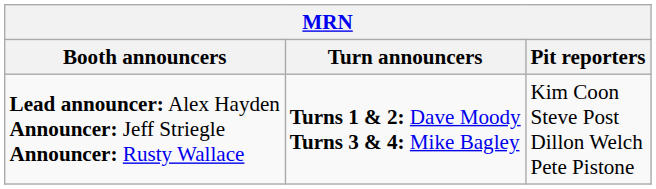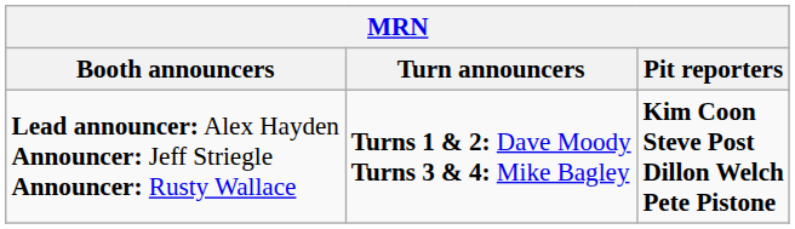 <table class="wikitable" style="font-size: 95%">
 <tr>
 <th colspan="3"><a href='#'>MRN</a></th>
 </tr>
 <tr>
 <th>Booth announcers</th>
 <th>Turn announcers</th>
 <th>Pit reporters</th>
 </tr>
 <tr>
 <td><strong>Lead announcer:</strong> Alex Hayden<br><strong>Announcer:</strong> Jeff Striegle<br><strong>Announcer:</strong> <a href='#'>Rusty Wallace</a></td>
 <td><strong>Turns 1 & 2: </strong><a href='#'>Dave Moody</a><br><strong>Turns 3 & 4: </strong><a href='#'>Mike Bagley</a></td>
-<td>Kim Coon<br>Steve Post<br>Dillon Welch<br>Pete Pistone</td>
+<td><strong>Kim Coon<br>Steve Post<br>Dillon Welch<br>Pete Pistone</strong></td>
 </tr>
 </table>
